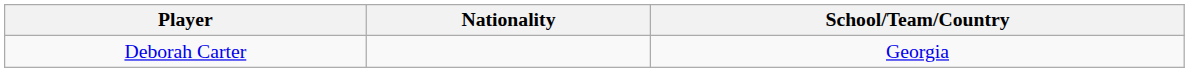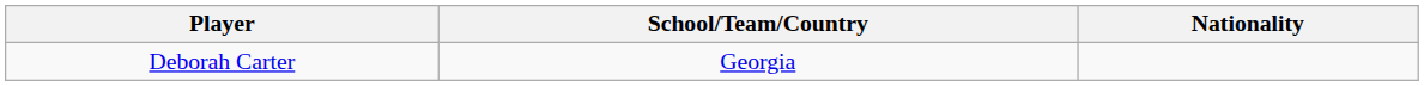 <table class="wikitable" style="text-align:center; width:60em">
 <tr>
 <th>Player</th>
+<th>School/Team/Country</th>
 <th>Nationality</th>
-<th>School/Team/Country</th>
 </tr>
 <tr>
 <td><a href='#'>Deborah Carter</a></td>
+<td><a href='#'>Georgia</a></td>
 <td></td>
-<td><a href='#'>Georgia</a></td>
 </tr>
 </table>
